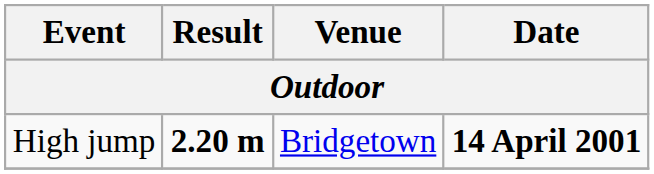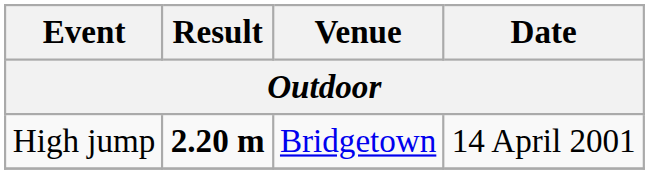 <table class="wikitable" style="border-collapse: collapse; font-size: 95%;">
 <tr>
 <th>Event</th>
 <th>Result</th>
 <th>Venue</th>
 <th>Date</th>
 </tr>
 <tr>
 <th colspan=4><em>Outdoor</em></th>
 </tr>
 <tr>
 <td>High jump</td>
 <td><strong>2.20 m</strong></td>
 <td> <a href='#'>Bridgetown</a></td>
-<td><strong>14 April 2001</strong></td>
+<td>14 April 2001</td>
 </tr>
 <tr>
 </tr>
 </table>
